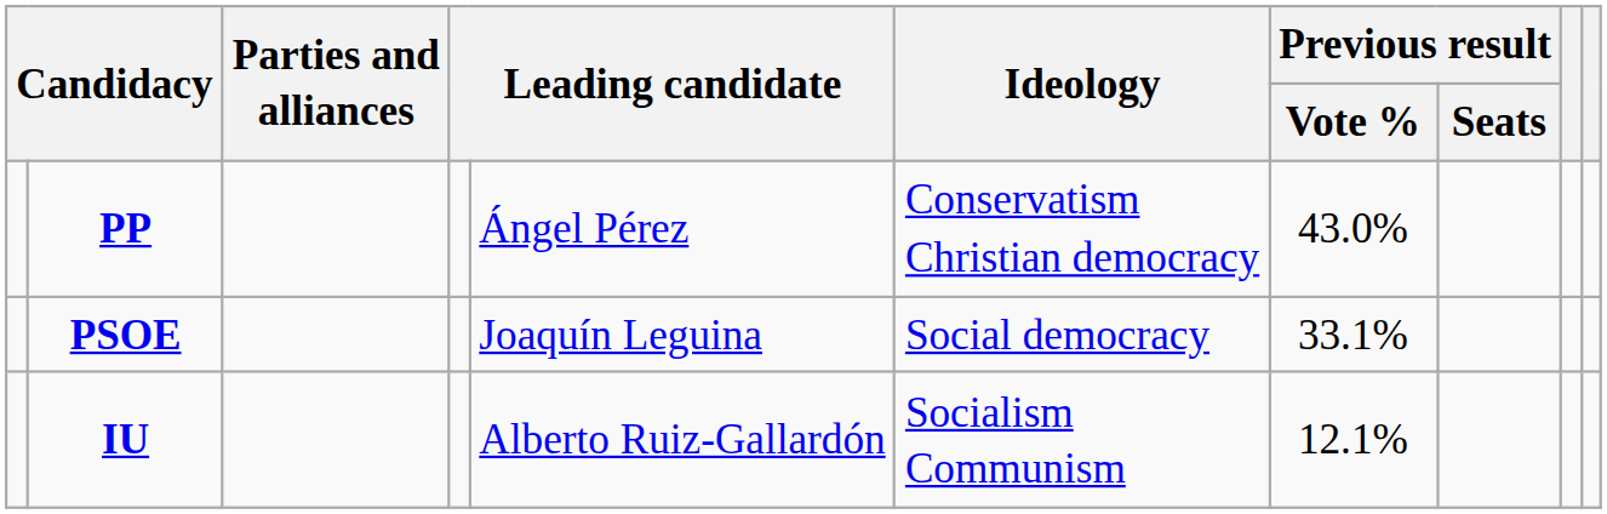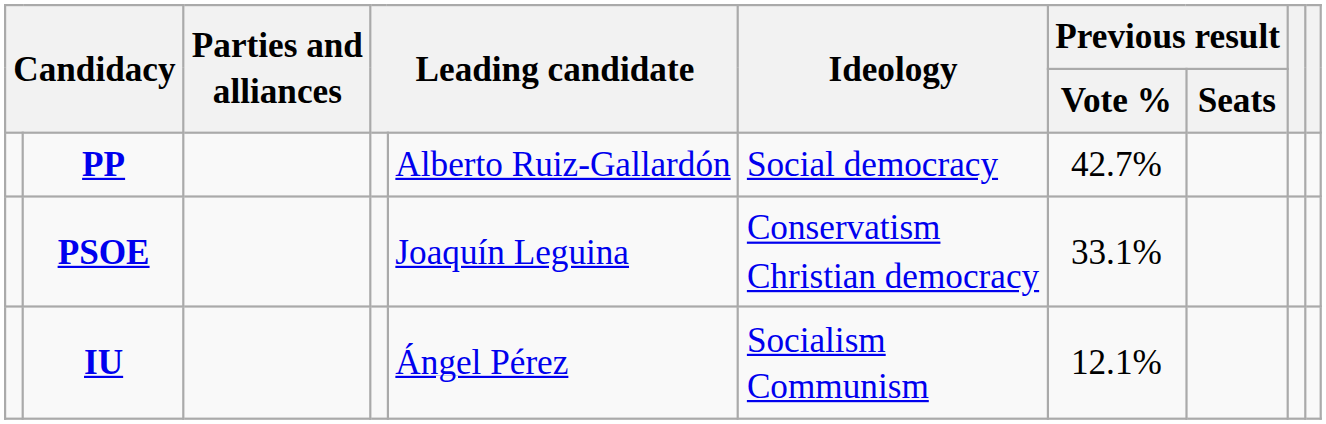 <table class="wikitable" style="line-height:1.35em; text-align:left;">
 <tr>
 <th colspan="2" rowspan="2">Candidacy</th>
 <th rowspan="2">Parties and<br>alliances</th>
 <th colspan="2" rowspan="2">Leading candidate</th>
 <th rowspan="2">Ideology</th>
 <th colspan="2">Previous result</th>
 <th rowspan="2"></th>
 <th rowspan="2"></th>
 </tr>
 <tr>
 <th>Vote %</th>
 <th>Seats</th>
 </tr>
 <tr>
 <td width="1" style="color:inherit;background:"></td>
 <td align="center"><strong><a href='#'>PP</a></strong></td>
 <td></td>
 <td></td>
-<td><a href='#'>Ángel Pérez</a></td>
-<td><a href='#'>Conservatism</a><br><a href='#'>Christian democracy</a></td>
-<td align="center">43.0%</td>
+<td><a href='#'>Alberto Ruiz-Gallardón</a></td>
+<td><a href='#'>Social democracy</a></td>
+<td align="center">42.7%</td>
 <td></td>
 <td></td>
 <td></td>
 </tr>
 <tr>
 <td style="color:inherit;background:"></td>
 <td align="center"><strong><a href='#'>PSOE</a></strong></td>
 <td></td>
 <td></td>
 <td><a href='#'>Joaquín Leguina</a></td>
-<td><a href='#'>Social democracy</a></td>
+<td><a href='#'>Conservatism</a><br><a href='#'>Christian democracy</a></td>
 <td align="center">33.1%</td>
 <td></td>
 <td></td>
 <td></td>
 </tr>
 <tr>
 <td style="color:inherit;background:"></td>
 <td align="center"><strong><a href='#'>IU</a></strong></td>
 <td></td>
 <td></td>
-<td><a href='#'>Alberto Ruiz-Gallardón</a></td>
+<td><a href='#'>Ángel Pérez</a></td>
 <td><a href='#'>Socialism</a><br><a href='#'>Communism</a></td>
 <td align="center">12.1%</td>
 <td></td>
 <td></td>
 <td></td>
 </tr>
 </table>
